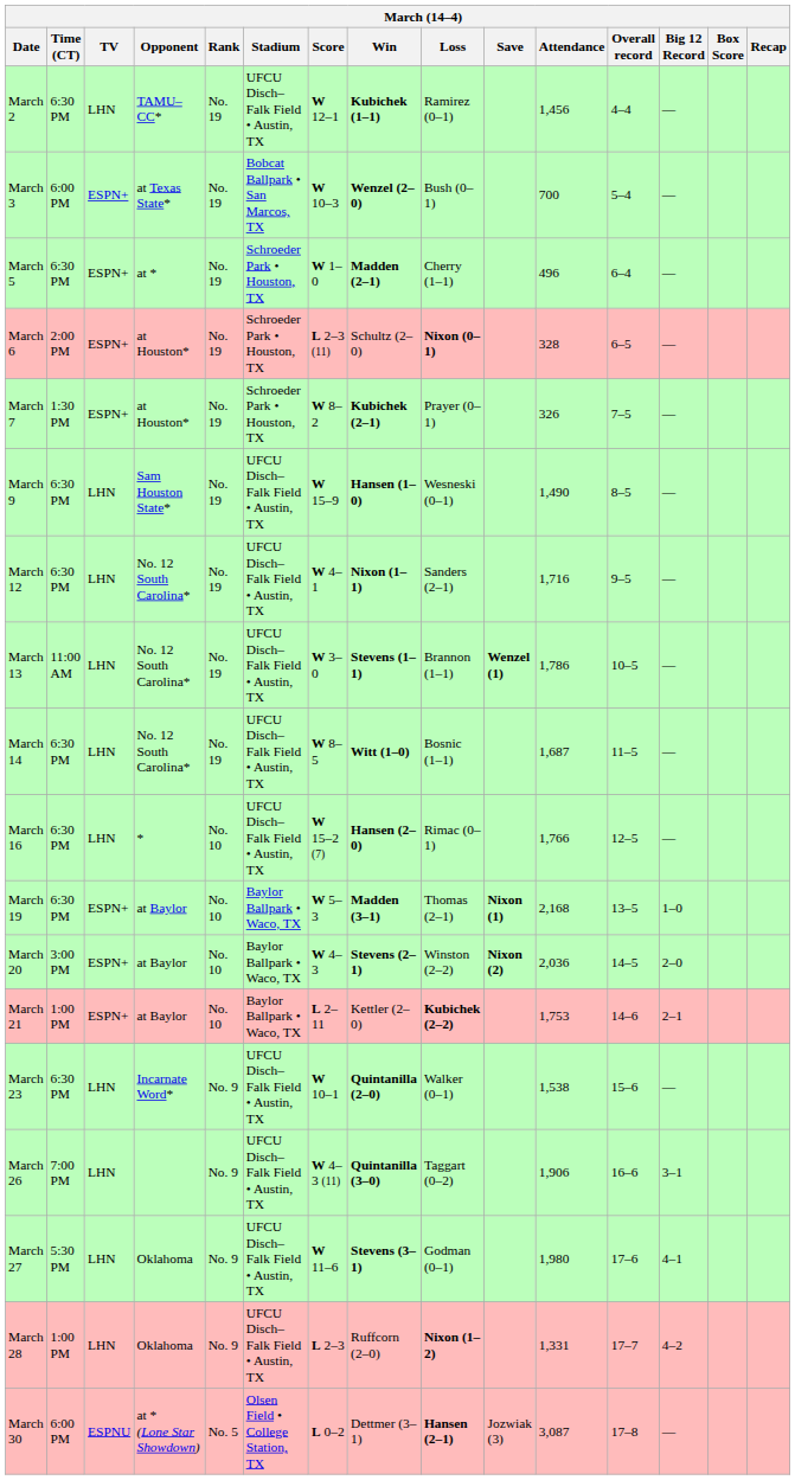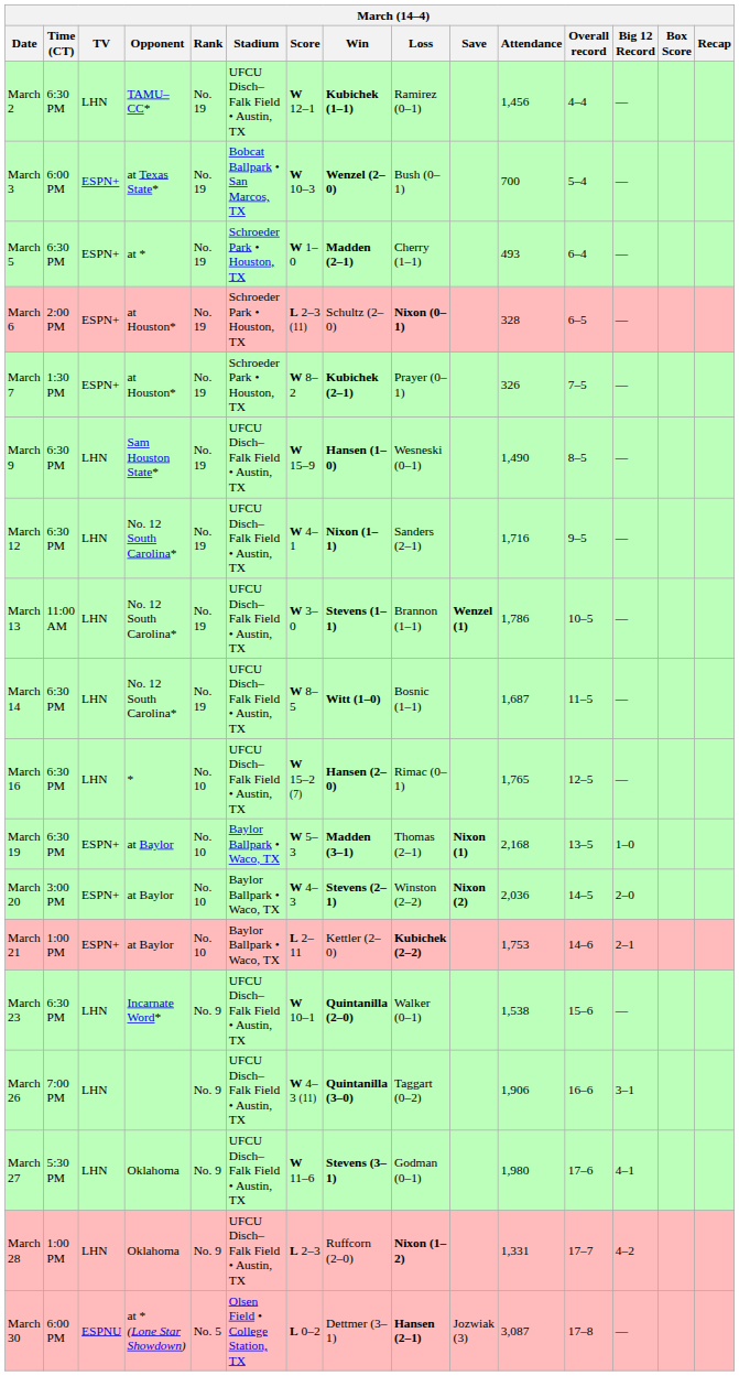 <table class="wikitable collapsible collapsed" style="margin:auto; font-size:95%; width:100%">
 <tr>
 <th colspan=15 style="padding-left:4em;">March (14–4)</th>
 </tr>
 <tr>
 <th>Date</th>
 <th>Time (CT)</th>
 <th>TV</th>
 <th>Opponent</th>
 <th>Rank</th>
 <th>Stadium</th>
 <th>Score</th>
 <th>Win</th>
 <th>Loss</th>
 <th>Save</th>
 <th>Attendance</th>
 <th>Overall record</th>
 <th>Big 12 Record</th>
 <th>Box Score</th>
 <th>Recap</th>
 </tr>
 <tr bgcolor=bbffbb>
 <td>March 2</td>
 <td>6:30 PM</td>
 <td>LHN</td>
 <td><a href='#'>TAMU–CC</a>*</td>
 <td>No. 19</td>
 <td>UFCU Disch–Falk Field • Austin, TX</td>
 <td><strong>W</strong> 12–1</td>
 <td><strong>Kubichek (1–1)</strong></td>
 <td>Ramirez (0–1)</td>
 <td></td>
 <td>1,456</td>
 <td>4–4</td>
 <td>—</td>
 <td></td>
 <td></td>
 </tr>
 <tr bgcolor=bbffbb>
 <td>March 3</td>
 <td>6:00 PM</td>
 <td><a href='#'>ESPN+</a></td>
 <td>at <a href='#'>Texas State</a>*</td>
 <td>No. 19</td>
 <td><a href='#'>Bobcat Ballpark</a> • <a href='#'>San Marcos, TX</a></td>
 <td><strong>W</strong> 10–3</td>
 <td><strong>Wenzel (2–0)</strong></td>
 <td>Bush (0–1)</td>
 <td></td>
 <td>700</td>
 <td>5–4</td>
 <td>—</td>
 <td></td>
 <td></td>
 </tr>
 <tr bgcolor=bbffbb>
 <td>March 5</td>
 <td>6:30 PM</td>
 <td>ESPN+</td>
 <td>at *</td>
 <td>No. 19</td>
 <td><a href='#'>Schroeder Park</a> • <a href='#'>Houston, TX</a></td>
 <td><strong>W</strong> 1–0</td>
 <td><strong>Madden (2–1)</strong></td>
 <td>Cherry (1–1)</td>
 <td></td>
-<td>496</td>
+<td>493</td>
 <td>6–4</td>
 <td>—</td>
 <td></td>
 <td></td>
 </tr>
 <tr bgcolor=ffbbbb>
 <td>March 6</td>
 <td>2:00 PM</td>
 <td>ESPN+</td>
 <td>at Houston*</td>
 <td>No. 19</td>
 <td>Schroeder Park • Houston, TX</td>
 <td><strong>L</strong> 2–3 <small>(11)</small></td>
 <td>Schultz (2–0)</td>
 <td><strong>Nixon (0–1)</strong></td>
 <td></td>
 <td>328</td>
 <td>6–5</td>
 <td>—</td>
 <td></td>
 <td></td>
 </tr>
 <tr bgcolor=bbffbb>
 <td>March 7</td>
 <td>1:30 PM</td>
 <td>ESPN+</td>
 <td>at Houston*</td>
 <td>No. 19</td>
 <td>Schroeder Park • Houston, TX</td>
 <td><strong>W</strong> 8–2</td>
 <td><strong>Kubichek (2–1)</strong></td>
 <td>Prayer (0–1)</td>
 <td></td>
 <td>326</td>
 <td>7–5</td>
 <td>—</td>
 <td></td>
 <td></td>
 </tr>
 <tr bgcolor=bbffbb>
 <td>March 9</td>
 <td>6:30 PM</td>
 <td>LHN</td>
 <td><a href='#'>Sam Houston State</a>*</td>
 <td>No. 19</td>
 <td>UFCU Disch–Falk Field • Austin, TX</td>
 <td><strong>W</strong> 15–9</td>
 <td><strong>Hansen (1–0)</strong></td>
 <td>Wesneski (0–1)</td>
 <td></td>
 <td>1,490</td>
 <td>8–5</td>
 <td>—</td>
 <td></td>
 <td></td>
 </tr>
 <tr bgcolor=bbffbb>
 <td>March 12</td>
 <td>6:30 PM</td>
 <td>LHN</td>
 <td>No. 12 <a href='#'>South Carolina</a>*</td>
 <td>No. 19</td>
 <td>UFCU Disch–Falk Field • Austin, TX</td>
 <td><strong>W</strong> 4–1</td>
 <td><strong>Nixon (1–1)</strong></td>
 <td>Sanders (2–1)</td>
 <td></td>
 <td>1,716</td>
 <td>9–5</td>
 <td>—</td>
 <td></td>
 <td></td>
 </tr>
 <tr bgcolor=bbffbb>
 <td>March 13</td>
 <td>11:00 AM</td>
 <td>LHN</td>
 <td>No. 12 South Carolina*</td>
 <td>No. 19</td>
 <td>UFCU Disch–Falk Field • Austin, TX</td>
 <td><strong>W</strong> 3–0</td>
 <td><strong>Stevens (1–1)</strong></td>
 <td>Brannon (1–1)</td>
 <td><strong>Wenzel (1)</strong></td>
 <td>1,786</td>
 <td>10–5</td>
 <td>—</td>
 <td></td>
 <td></td>
 </tr>
 <tr bgcolor=bbffbb>
 <td>March 14</td>
 <td>6:30 PM</td>
 <td>LHN</td>
 <td>No. 12 South Carolina*</td>
 <td>No. 19</td>
 <td>UFCU Disch–Falk Field • Austin, TX</td>
 <td><strong>W</strong> 8–5</td>
 <td><strong>Witt (1–0)</strong></td>
 <td>Bosnic (1–1)</td>
 <td></td>
 <td>1,687</td>
 <td>11–5</td>
 <td>—</td>
 <td></td>
 <td></td>
 </tr>
 <tr bgcolor=bbffbb>
 <td>March 16</td>
 <td>6:30 PM</td>
 <td>LHN</td>
 <td>*</td>
 <td>No. 10</td>
 <td>UFCU Disch–Falk Field • Austin, TX</td>
 <td><strong>W</strong> 15–2 <small>(7)</small></td>
 <td><strong>Hansen (2–0)</strong></td>
 <td>Rimac (0–1)</td>
 <td></td>
-<td>1,766</td>
+<td>1,765</td>
 <td>12–5</td>
 <td>—</td>
 <td></td>
 <td></td>
 </tr>
 <tr bgcolor=bbffbb>
 <td>March 19</td>
 <td>6:30 PM</td>
 <td>ESPN+</td>
 <td>at <a href='#'>Baylor</a></td>
 <td>No. 10</td>
 <td><a href='#'>Baylor Ballpark</a> • <a href='#'>Waco, TX</a></td>
 <td><strong>W</strong> 5–3</td>
 <td><strong>Madden (3–1)</strong></td>
 <td>Thomas (2–1)</td>
 <td><strong>Nixon (1)</strong></td>
 <td>2,168</td>
 <td>13–5</td>
 <td>1–0</td>
 <td></td>
 <td></td>
 </tr>
 <tr bgcolor=bbffbb>
 <td>March 20</td>
 <td>3:00 PM</td>
 <td>ESPN+</td>
 <td>at Baylor</td>
 <td>No. 10</td>
 <td>Baylor Ballpark • Waco, TX</td>
 <td><strong>W</strong> 4–3</td>
 <td><strong>Stevens (2–1)</strong></td>
 <td>Winston (2–2)</td>
 <td><strong>Nixon (2)</strong></td>
 <td>2,036</td>
 <td>14–5</td>
 <td>2–0</td>
 <td></td>
 <td></td>
 </tr>
 <tr bgcolor=ffbbbb>
 <td>March 21</td>
 <td>1:00 PM</td>
 <td>ESPN+</td>
 <td>at Baylor</td>
 <td>No. 10</td>
 <td>Baylor Ballpark • Waco, TX</td>
 <td><strong>L</strong> 2–11</td>
 <td>Kettler (2–0)</td>
 <td><strong>Kubichek (2–2)</strong></td>
 <td></td>
 <td>1,753</td>
 <td>14–6</td>
 <td>2–1</td>
 <td></td>
 <td></td>
 </tr>
 <tr bgcolor=bbffbb>
 <td>March 23</td>
 <td>6:30 PM</td>
 <td>LHN</td>
 <td><a href='#'>Incarnate Word</a>*</td>
 <td>No. 9</td>
 <td>UFCU Disch–Falk Field • Austin, TX</td>
 <td><strong>W</strong> 10–1</td>
 <td><strong>Quintanilla (2–0)</strong></td>
 <td>Walker (0–1)</td>
 <td></td>
 <td>1,538</td>
 <td>15–6</td>
 <td>—</td>
 <td></td>
 <td></td>
 </tr>
 <tr bgcolor=bbffbb>
 <td>March 26</td>
 <td>7:00 PM</td>
 <td>LHN</td>
 <td></td>
 <td>No. 9</td>
 <td>UFCU Disch–Falk Field • Austin, TX</td>
 <td><strong>W</strong> 4–3 <small>(11)</small></td>
 <td><strong>Quintanilla (3–0)</strong></td>
 <td>Taggart (0–2)</td>
 <td></td>
 <td>1,906</td>
 <td>16–6</td>
 <td>3–1</td>
 <td></td>
 <td></td>
 </tr>
 <tr bgcolor=bbffbb>
 <td>March 27</td>
 <td>5:30 PM</td>
 <td>LHN</td>
 <td>Oklahoma</td>
 <td>No. 9</td>
 <td>UFCU Disch–Falk Field • Austin, TX</td>
 <td><strong>W</strong> 11–6</td>
 <td><strong>Stevens (3–1)</strong></td>
 <td>Godman (0–1)</td>
 <td></td>
 <td>1,980</td>
 <td>17–6</td>
 <td>4–1</td>
 <td></td>
 <td></td>
 </tr>
 <tr bgcolor=ffbbbb>
 <td>March 28</td>
 <td>1:00 PM</td>
 <td>LHN</td>
 <td>Oklahoma</td>
 <td>No. 9</td>
 <td>UFCU Disch–Falk Field • Austin, TX</td>
 <td><strong>L</strong> 2–3</td>
 <td>Ruffcorn (2–0)</td>
 <td><strong>Nixon (1–2)</strong></td>
 <td></td>
 <td>1,331</td>
 <td>17–7</td>
 <td>4–2</td>
 <td></td>
 <td></td>
 </tr>
 <tr bgcolor=ffbbbb>
 <td>March 30</td>
 <td>6:00 PM</td>
 <td><a href='#'>ESPNU</a></td>
 <td>at *<br><em>(<a href='#'>Lone Star Showdown</a>)</em></td>
 <td>No. 5</td>
 <td><a href='#'>Olsen Field</a> • <a href='#'>College Station, TX</a></td>
 <td><strong>L</strong> 0–2</td>
 <td>Dettmer (3–1)</td>
 <td><strong>Hansen (2–1)</strong></td>
 <td>Jozwiak (3)</td>
 <td>3,087</td>
 <td>17–8</td>
 <td>—</td>
 <td></td>
 <td></td>
 </tr>
 </table>
